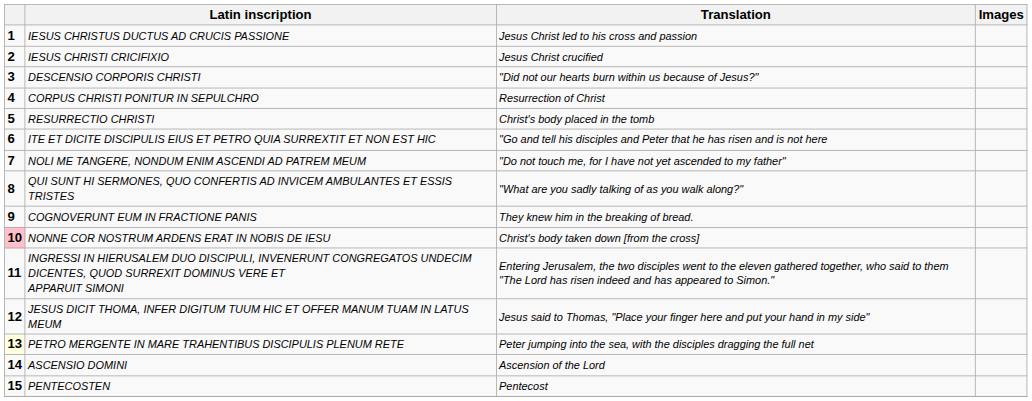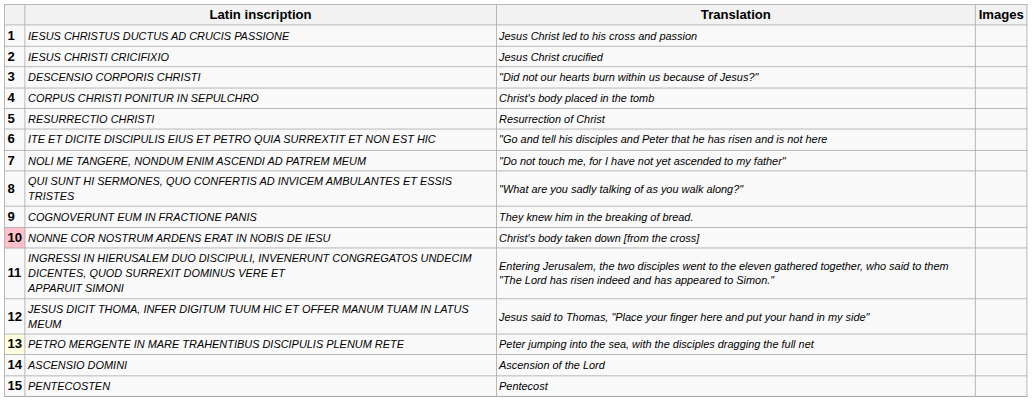 <table class="wikitable">
 <tr>
 <th></th>
 <th>Latin inscription</th>
 <th>Translation</th>
 <th>Images</th>
 </tr>
 <tr>
 <td><strong>1</strong></td>
 <td><small><em>IESUS CHRISTUS DUCTUS AD CRUCIS PASSIONE</em></small></td>
 <td><small><em>Jesus Christ led to his cross and passion</em></small></td>
 <td></td>
 </tr>
 <tr>
 <td><strong>2</strong></td>
 <td><small><em>IESUS CHRISTI CRICIFIXIO</em></small></td>
 <td><small><em>Jesus Christ crucified</em></small></td>
 <td></td>
 </tr>
 <tr>
 <td><strong>3</strong></td>
 <td><small><em>DESCENSIO CORPORIS CHRISTI</em></small></td>
 <td><small><em>"Did not our hearts burn within us because of Jesus?"</em></small></td>
 <td></td>
 </tr>
 <tr>
 <td><strong>4</strong></td>
 <td><small><em>CORPUS CHRISTI PONITUR IN SEPULCHRO</em></small></td>
-<td><small><em>Resurrection of Christ</em></small></td>
+<td><small><em>Christ's body placed in the tomb</em></small></td>
 <td></td>
 </tr>
 <tr>
 <td><strong>5</strong></td>
 <td><small><em>RESURRECTIO CHRISTI</em></small></td>
-<td><small><em>Christ's body placed in the tomb</em></small></td>
+<td><small><em>Resurrection of Christ</em></small></td>
 <td></td>
 </tr>
 <tr>
 <td><strong>6</strong></td>
 <td><small><em>ITE ET DICITE DISCIPULIS EIUS ET PETRO QUIA SURREXTIT ET NON EST HIC</em></small></td>
 <td><small><em>"Go and tell his disciples and Peter that he has risen and is not here</em></small></td>
 <td></td>
 </tr>
 <tr>
 <td><strong>7</strong></td>
 <td><small><em>NOLI ME TANGERE, NONDUM ENIM ASCENDI AD PATREM MEUM</em></small></td>
 <td><small><em>"Do not touch me, for I have not yet ascended to my father"</em></small></td>
 <td></td>
 </tr>
 <tr>
 <td><strong>8</strong></td>
 <td><small><em>QUI SUNT HI SERMONES, QUO CONFERTIS AD INVICEM AMBULANTES ET ESSIS TRISTES</em></small></td>
 <td><small><em>"What are you sadly talking of as you walk along?"</em></small></td>
 <td></td>
 </tr>
 <tr>
 <td><strong>9</strong></td>
 <td><small><em>COGNOVERUNT EUM IN FRACTIONE PANIS</em></small></td>
 <td><small><em>They knew him in the breaking of bread.</em></small></td>
 <td></td>
 </tr>
 <tr>
 <td style="background: pink;"><strong>10</strong></td>
 <td><small><em>NONNE COR NOSTRUM ARDENS ERAT IN NOBIS DE IESU</em></small></td>
 <td><small><em>Christ's body taken down [from the cross]</em></small></td>
 <td></td>
 </tr>
 <tr>
 <td><strong>11</strong></td>
 <td><small><em>INGRESSI IN HIERUSALEM DUO DISCIPULI, INVENERUNT CONGREGATOS UNDECIM DICENTES, QUOD SURREXIT DOMINUS VERE ET<br> APPARUIT SIMONI</em></small></td>
 <td><small><em>Entering Jerusalem, the two disciples went to the eleven gathered together, who said to them "The Lord has risen indeed and has appeared to Simon."</em></small></td>
 <td></td>
 </tr>
 <tr>
 <td><strong>12</strong></td>
 <td><small><em>JESUS DICIT THOMA, INFER DIGITUM TUUM HIC ET OFFER MANUM TUAM IN LATUS MEUM</em></small></td>
 <td><small><em>Jesus said to Thomas, "Place your finger here and put your hand in my side"</em></small></td>
 <td></td>
 </tr>
 <tr>
 <td style="background: lightyellow;"><strong>13</strong></td>
 <td><small><em>PETRO MERGENTE IN MARE TRAHENTIBUS DISCIPULIS PLENUM RETE</em></small></td>
 <td><small><em>Peter jumping into the sea, with the disciples dragging the full net</em></small></td>
 <td></td>
 </tr>
 <tr>
 <td><strong>14</strong></td>
 <td><small><em>ASCENSIO DOMINI</em></small></td>
 <td><small><em>Ascension of the Lord</em></small></td>
 <td></td>
 </tr>
 <tr>
 <td><strong>15</strong></td>
 <td><small><em>PENTECOSTEN</em></small></td>
 <td><small><em>Pentecost</em></small></td>
 <td></td>
 </tr>
 <tr>
 </tr>
 </table>
